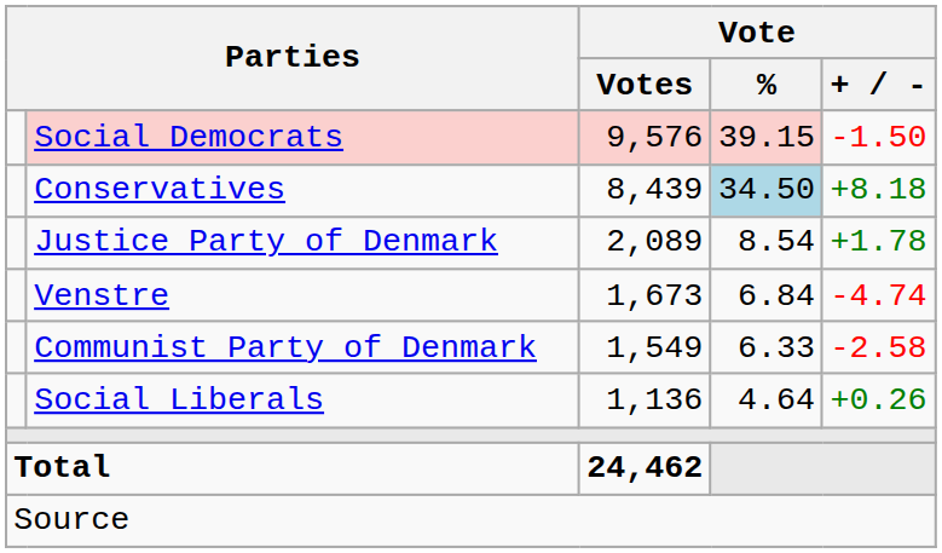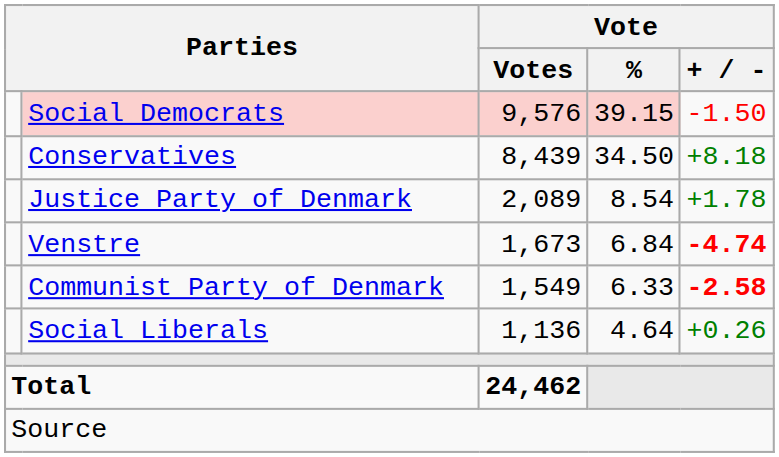 <table class="wikitable" style="text-align:right;">
 <tr>
 <th style="text-align:centre;" rowspan="2" colspan="2" width="225">Parties</th>
 <th colspan="3">Vote</th>
 </tr>
 <tr>
 <th width="15">Votes</th>
 <th width="15">%</th>
 <th width="15">+ / -</th>
 </tr>
 <tr>
 <td width="2" style="color:inherit;background:"></td>
 <td bgcolor=#fbd0ce  align="left"><a href='#'>Social Democrats</a></td>
 <td bgcolor=#fbd0ce>9,576</td>
 <td bgcolor=#fbd0ce>39.15</td>
 <td style=color:red;>-1.50</td>
 </tr>
 <tr>
 <td width="2" style="color:inherit;background:"></td>
 <td align="left"><a href='#'>Conservatives</a></td>
 <td>8,439</td>
-<td style="background: lightblue;">34.50</td>
+<td>34.50</td>
 <td style=color:green;>+8.18</td>
 </tr>
 <tr>
 <td width="2" style="color:inherit;background:"></td>
 <td align="left"><a href='#'>Justice Party of Denmark</a></td>
 <td>2,089</td>
 <td>8.54</td>
 <td style=color:green;>+1.78</td>
 </tr>
 <tr>
 <td width="2" style="color:inherit;background:"></td>
 <td align="left"><a href='#'>Venstre</a></td>
 <td>1,673</td>
 <td>6.84</td>
-<td style=color:red;>-4.74</td>
+<td style=color:red;><strong>-4.74</strong></td>
 </tr>
 <tr>
 <td width="2" style="color:inherit;background:"></td>
 <td align="left"><a href='#'>Communist Party of Denmark</a></td>
 <td>1,549</td>
 <td>6.33</td>
-<td style=color:red;>-2.58</td>
+<td style=color:red;><strong>-2.58</strong></td>
 </tr>
 <tr>
 <td width="2" style="color:inherit;background:"></td>
 <td align="left"><a href='#'>Social Liberals</a></td>
 <td>1,136</td>
 <td>4.64</td>
 <td style=color:green;>+0.26</td>
 </tr>
 <tr>
 <td colspan="7" bgcolor="#E9E9E9"></td>
 </tr>
 <tr>
 <td align="left" colspan="2"><strong>Total</strong></td>
 <td><strong>24,462</strong></td>
 <td bgcolor="#E9E9E9" colspan="2"></td>
 </tr>
 <tr>
 <td align="left" colspan="6">Source</td>
 </tr>
 </table>
